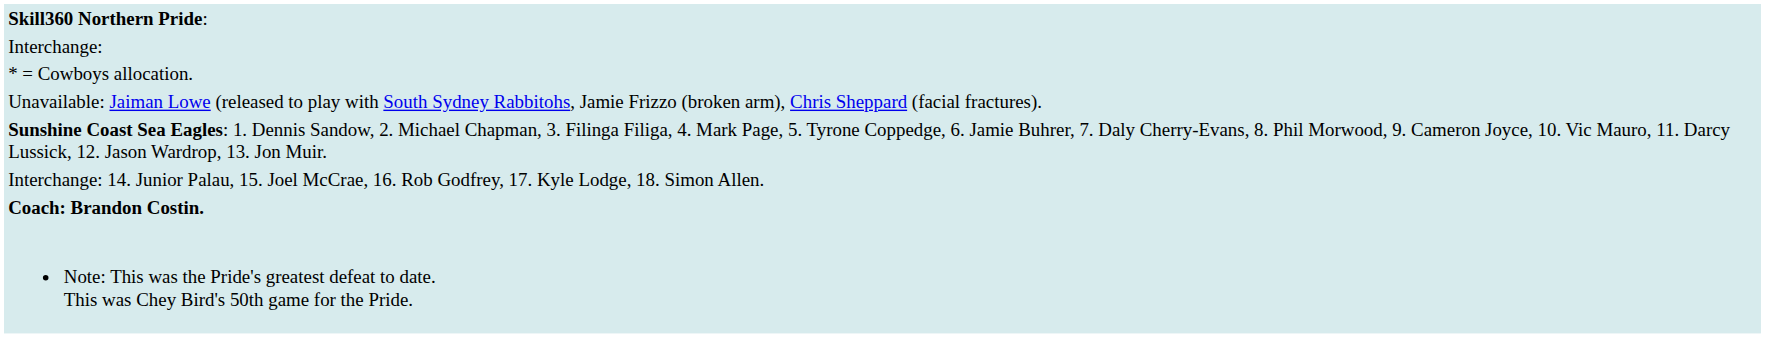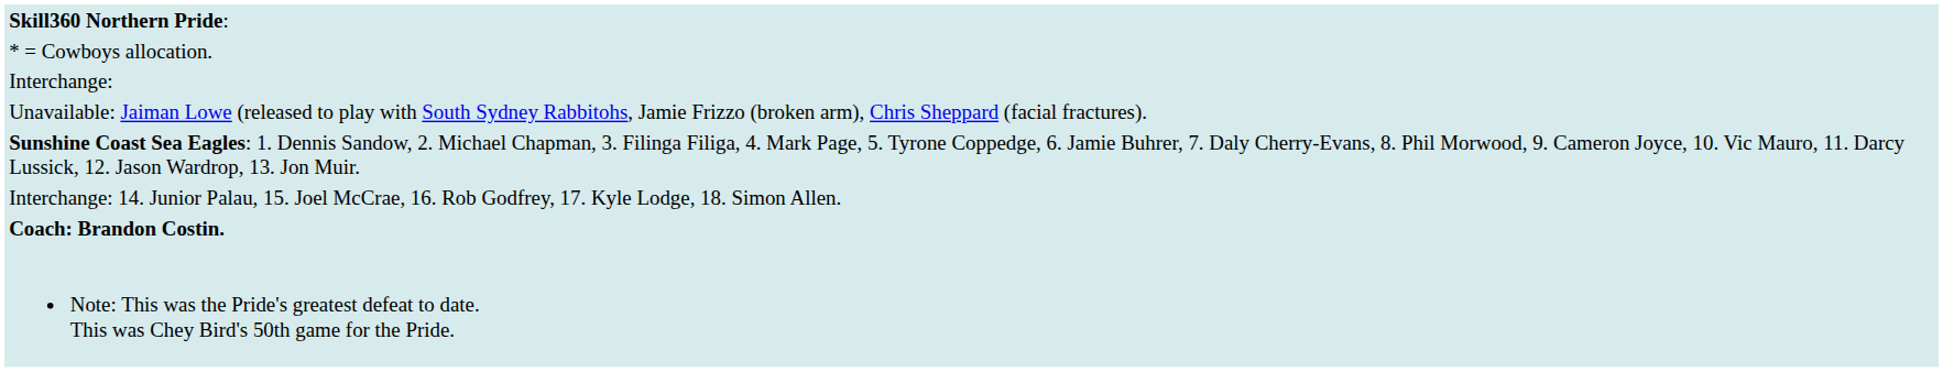 <table style="background:#d7ebed; font-size:85%; width:100%;">
 <tr>
 <td><strong>Skill360 Northern Pride</strong>:             </td>
 </tr>
 <tr>
-<td>Interchange:    </td>
+<td>* = Cowboys allocation.</td>
 </tr>
 <tr>
-<td>* = Cowboys allocation.</td>
+<td>Interchange:    </td>
 </tr>
 <tr>
 <td>Unavailable: <a href='#'>Jaiman Lowe</a> (released to play with <a href='#'>South Sydney Rabbitohs</a>, Jamie Frizzo (broken arm), <a href='#'>Chris Sheppard</a> (facial fractures).</td>
 </tr>
 <tr>
 <td><strong>Sunshine Coast Sea Eagles</strong>: 1. Dennis Sandow, 2. Michael Chapman, 3. Filinga Filiga, 4. Mark Page, 5. Tyrone Coppedge, 6. Jamie Buhrer, 7. Daly Cherry-Evans, 8. Phil Morwood, 9. Cameron Joyce, 10. Vic Mauro, 11. Darcy Lussick, 12. Jason Wardrop, 13. Jon Muir.</td>
 </tr>
 <tr>
 <td>Interchange: 14. Junior Palau, 15. Joel McCrae, 16. Rob Godfrey, 17. Kyle Lodge, 18. Simon Allen.</td>
 </tr>
 <tr>
 <td><strong>Coach: Brandon Costin.</strong></td>
 </tr>
 <tr>
 <td><br><ul><li>Note: This was the Pride's greatest defeat to date.<br>This was Chey Bird's 50th game for the Pride.</li></ul></td>
 </tr>
 </table>
